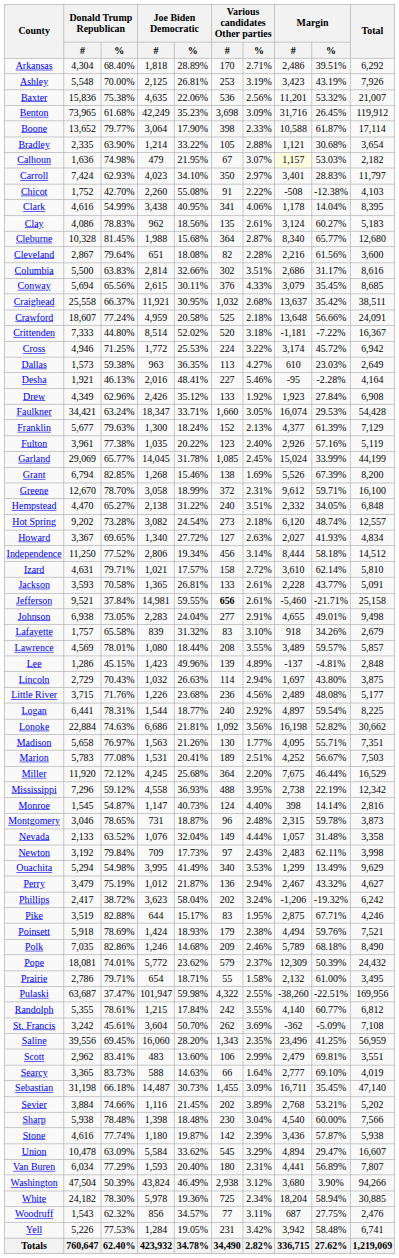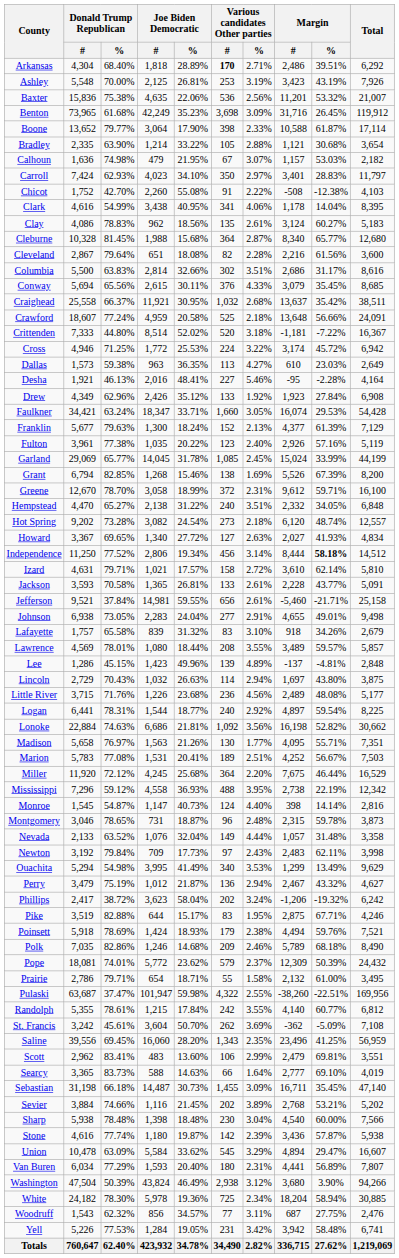 <table width="60%" class="wikitable sortable">
 <tr>
 <th rowspan="2">County</th>
 <th colspan="2">Donald Trump<br>Republican</th>
 <th colspan="2">Joe Biden<br>Democratic</th>
 <th colspan="2">Various candidates<br>Other parties</th>
 <th colspan="2">Margin</th>
 <th rowspan="2">Total</th>
 </tr>
 <tr>
 <th style="text-align:center;" data-sort-type="number">#</th>
 <th style="text-align:center;" data-sort-type="number">%</th>
 <th style="text-align:center;" data-sort-type="number">#</th>
 <th style="text-align:center;" data-sort-type="number">%</th>
 <th style="text-align:center;" data-sort-type="number">#</th>
 <th style="text-align:center;" data-sort-type="number">%</th>
 <th style="text-align:center;" data-sort-type="number">#</th>
 <th style="text-align:center;" data-sort-type="number">%</th>
 </tr>
 <tr style="text-align:center;">
 <td><a href='#'>Arkansas</a></td>
 <td>4,304</td>
 <td>68.40%</td>
 <td>1,818</td>
 <td>28.89%</td>
-<td>170</td>
+<td><strong>170</strong></td>
 <td>2.71%</td>
 <td>2,486</td>
 <td>39.51%</td>
 <td>6,292</td>
 </tr>
 <tr style="text-align:center;">
 <td><a href='#'>Ashley</a></td>
 <td>5,548</td>
 <td>70.00%</td>
 <td>2,125</td>
 <td>26.81%</td>
 <td>253</td>
 <td>3.19%</td>
 <td>3,423</td>
 <td>43.19%</td>
 <td>7,926</td>
 </tr>
 <tr style="text-align:center;">
 <td><a href='#'>Baxter</a></td>
 <td>15,836</td>
 <td>75.38%</td>
 <td>4,635</td>
 <td>22.06%</td>
 <td>536</td>
 <td>2.56%</td>
 <td>11,201</td>
 <td>53.32%</td>
 <td>21,007</td>
 </tr>
 <tr style="text-align:center;">
 <td><a href='#'>Benton</a></td>
 <td>73,965</td>
 <td>61.68%</td>
 <td>42,249</td>
 <td>35.23%</td>
 <td>3,698</td>
 <td>3.09%</td>
 <td>31,716</td>
 <td>26.45%</td>
 <td>119,912</td>
 </tr>
 <tr style="text-align:center;">
 <td><a href='#'>Boone</a></td>
 <td>13,652</td>
 <td>79.77%</td>
 <td>3,064</td>
 <td>17.90%</td>
 <td>398</td>
 <td>2.33%</td>
 <td>10,588</td>
 <td>61.87%</td>
 <td>17,114</td>
 </tr>
 <tr style="text-align:center;">
 <td><a href='#'>Bradley</a></td>
 <td>2,335</td>
 <td>63.90%</td>
 <td>1,214</td>
 <td>33.22%</td>
 <td>105</td>
 <td>2.88%</td>
 <td>1,121</td>
 <td>30.68%</td>
 <td>3,654</td>
 </tr>
 <tr style="text-align:center;">
 <td><a href='#'>Calhoun</a></td>
 <td>1,636</td>
 <td>74.98%</td>
 <td>479</td>
 <td>21.95%</td>
 <td>67</td>
 <td>3.07%</td>
-<td style="background: lightyellow;">1,157</td>
+<td>1,157</td>
 <td>53.03%</td>
 <td>2,182</td>
 </tr>
 <tr style="text-align:center;">
 <td><a href='#'>Carroll</a></td>
 <td>7,424</td>
 <td>62.93%</td>
 <td>4,023</td>
 <td>34.10%</td>
 <td>350</td>
 <td>2.97%</td>
 <td>3,401</td>
 <td>28.83%</td>
 <td>11,797</td>
 </tr>
 <tr style="text-align:center;">
 <td><a href='#'>Chicot</a></td>
 <td>1,752</td>
 <td>42.70%</td>
 <td>2,260</td>
 <td>55.08%</td>
 <td>91</td>
 <td>2.22%</td>
 <td>-508</td>
 <td>-12.38%</td>
 <td>4,103</td>
 </tr>
 <tr style="text-align:center;">
 <td><a href='#'>Clark</a></td>
 <td>4,616</td>
 <td>54.99%</td>
 <td>3,438</td>
 <td>40.95%</td>
 <td>341</td>
 <td>4.06%</td>
 <td>1,178</td>
 <td>14.04%</td>
 <td>8,395</td>
 </tr>
 <tr style="text-align:center;">
 <td><a href='#'>Clay</a></td>
 <td>4,086</td>
 <td>78.83%</td>
 <td>962</td>
 <td>18.56%</td>
 <td>135</td>
 <td>2.61%</td>
 <td>3,124</td>
 <td>60.27%</td>
 <td>5,183</td>
 </tr>
 <tr style="text-align:center;">
 <td><a href='#'>Cleburne</a></td>
 <td>10,328</td>
 <td>81.45%</td>
 <td>1,988</td>
 <td>15.68%</td>
 <td>364</td>
 <td>2.87%</td>
 <td>8,340</td>
 <td>65.77%</td>
 <td>12,680</td>
 </tr>
 <tr style="text-align:center;">
 <td><a href='#'>Cleveland</a></td>
 <td>2,867</td>
 <td>79.64%</td>
 <td>651</td>
 <td>18.08%</td>
 <td>82</td>
 <td>2.28%</td>
 <td>2,216</td>
 <td>61.56%</td>
 <td>3,600</td>
 </tr>
 <tr style="text-align:center;">
 <td><a href='#'>Columbia</a></td>
 <td>5,500</td>
 <td>63.83%</td>
 <td>2,814</td>
 <td>32.66%</td>
 <td>302</td>
 <td>3.51%</td>
 <td>2,686</td>
 <td>31.17%</td>
 <td>8,616</td>
 </tr>
 <tr style="text-align:center;">
 <td><a href='#'>Conway</a></td>
 <td>5,694</td>
 <td>65.56%</td>
 <td>2,615</td>
 <td>30.11%</td>
 <td>376</td>
 <td>4.33%</td>
 <td>3,079</td>
 <td>35.45%</td>
 <td>8,685</td>
 </tr>
 <tr style="text-align:center;">
 <td><a href='#'>Craighead</a></td>
 <td>25,558</td>
 <td>66.37%</td>
 <td>11,921</td>
 <td>30.95%</td>
 <td>1,032</td>
 <td>2.68%</td>
 <td>13,637</td>
 <td>35.42%</td>
 <td>38,511</td>
 </tr>
 <tr style="text-align:center;">
 <td><a href='#'>Crawford</a></td>
 <td>18,607</td>
 <td>77.24%</td>
 <td>4,959</td>
 <td>20.58%</td>
 <td>525</td>
 <td>2.18%</td>
 <td>13,648</td>
 <td>56.66%</td>
 <td>24,091</td>
 </tr>
 <tr style="text-align:center;">
 <td><a href='#'>Crittenden</a></td>
 <td>7,333</td>
 <td>44.80%</td>
 <td>8,514</td>
 <td>52.02%</td>
 <td>520</td>
 <td>3.18%</td>
 <td>-1,181</td>
 <td>-7.22%</td>
 <td>16,367</td>
 </tr>
 <tr style="text-align:center;">
 <td><a href='#'>Cross</a></td>
 <td>4,946</td>
 <td>71.25%</td>
 <td>1,772</td>
 <td>25.53%</td>
 <td>224</td>
 <td>3.22%</td>
 <td>3,174</td>
 <td>45.72%</td>
 <td>6,942</td>
 </tr>
 <tr style="text-align:center;">
 <td><a href='#'>Dallas</a></td>
 <td>1,573</td>
 <td>59.38%</td>
 <td>963</td>
 <td>36.35%</td>
 <td>113</td>
 <td>4.27%</td>
 <td>610</td>
 <td>23.03%</td>
 <td>2,649</td>
 </tr>
 <tr style="text-align:center;">
 <td><a href='#'>Desha</a></td>
 <td>1,921</td>
 <td>46.13%</td>
 <td>2,016</td>
 <td>48.41%</td>
 <td>227</td>
 <td>5.46%</td>
 <td>-95</td>
 <td>-2.28%</td>
 <td>4,164</td>
 </tr>
 <tr style="text-align:center;">
 <td><a href='#'>Drew</a></td>
 <td>4,349</td>
 <td>62.96%</td>
 <td>2,426</td>
 <td>35.12%</td>
 <td>133</td>
 <td>1.92%</td>
 <td>1,923</td>
 <td>27.84%</td>
 <td>6,908</td>
 </tr>
 <tr style="text-align:center;">
 <td><a href='#'>Faulkner</a></td>
 <td>34,421</td>
 <td>63.24%</td>
 <td>18,347</td>
 <td>33.71%</td>
 <td>1,660</td>
 <td>3.05%</td>
 <td>16,074</td>
 <td>29.53%</td>
 <td>54,428</td>
 </tr>
 <tr style="text-align:center;">
 <td><a href='#'>Franklin</a></td>
 <td>5,677</td>
 <td>79.63%</td>
 <td>1,300</td>
 <td>18.24%</td>
 <td>152</td>
 <td>2.13%</td>
 <td>4,377</td>
 <td>61.39%</td>
 <td>7,129</td>
 </tr>
 <tr style="text-align:center;">
 <td><a href='#'>Fulton</a></td>
 <td>3,961</td>
 <td>77.38%</td>
 <td>1,035</td>
 <td>20.22%</td>
 <td>123</td>
 <td>2.40%</td>
 <td>2,926</td>
 <td>57.16%</td>
 <td>5,119</td>
 </tr>
 <tr style="text-align:center;">
 <td><a href='#'>Garland</a></td>
 <td>29,069</td>
 <td>65.77%</td>
 <td>14,045</td>
 <td>31.78%</td>
 <td>1,085</td>
 <td>2.45%</td>
 <td>15,024</td>
 <td>33.99%</td>
 <td>44,199</td>
 </tr>
 <tr style="text-align:center;">
 <td><a href='#'>Grant</a></td>
 <td>6,794</td>
 <td>82.85%</td>
 <td>1,268</td>
 <td>15.46%</td>
 <td>138</td>
 <td>1.69%</td>
 <td>5,526</td>
 <td>67.39%</td>
 <td>8,200</td>
 </tr>
 <tr style="text-align:center;">
 <td><a href='#'>Greene</a></td>
 <td>12,670</td>
 <td>78.70%</td>
 <td>3,058</td>
 <td>18.99%</td>
 <td>372</td>
 <td>2.31%</td>
 <td>9,612</td>
 <td>59.71%</td>
 <td>16,100</td>
 </tr>
 <tr style="text-align:center;">
 <td><a href='#'>Hempstead</a></td>
 <td>4,470</td>
 <td>65.27%</td>
 <td>2,138</td>
 <td>31.22%</td>
 <td>240</td>
 <td>3.51%</td>
 <td>2,332</td>
 <td>34.05%</td>
 <td>6,848</td>
 </tr>
 <tr style="text-align:center;">
 <td><a href='#'>Hot Spring</a></td>
 <td>9,202</td>
 <td>73.28%</td>
 <td>3,082</td>
 <td>24.54%</td>
 <td>273</td>
 <td>2.18%</td>
 <td>6,120</td>
 <td>48.74%</td>
 <td>12,557</td>
 </tr>
 <tr style="text-align:center;">
 <td><a href='#'>Howard</a></td>
 <td>3,367</td>
 <td>69.65%</td>
 <td>1,340</td>
 <td>27.72%</td>
 <td>127</td>
 <td>2.63%</td>
 <td>2,027</td>
 <td>41.93%</td>
 <td>4,834</td>
 </tr>
 <tr style="text-align:center;">
 <td><a href='#'>Independence</a></td>
 <td>11,250</td>
 <td>77.52%</td>
 <td>2,806</td>
 <td>19.34%</td>
 <td>456</td>
 <td>3.14%</td>
 <td>8,444</td>
-<td>58.18%</td>
+<td><strong>58.18%</strong></td>
 <td>14,512</td>
 </tr>
 <tr style="text-align:center;">
 <td><a href='#'>Izard</a></td>
 <td>4,631</td>
 <td>79.71%</td>
 <td>1,021</td>
 <td>17.57%</td>
 <td>158</td>
 <td>2.72%</td>
 <td>3,610</td>
 <td>62.14%</td>
 <td>5,810</td>
 </tr>
 <tr style="text-align:center;">
 <td><a href='#'>Jackson</a></td>
 <td>3,593</td>
 <td>70.58%</td>
 <td>1,365</td>
 <td>26.81%</td>
 <td>133</td>
 <td>2.61%</td>
 <td>2,228</td>
 <td>43.77%</td>
 <td>5,091</td>
 </tr>
 <tr style="text-align:center;">
 <td><a href='#'>Jefferson</a></td>
 <td>9,521</td>
 <td>37.84%</td>
 <td>14,981</td>
 <td>59.55%</td>
-<td><strong>656</strong></td>
+<td>656</td>
 <td>2.61%</td>
 <td>-5,460</td>
 <td>-21.71%</td>
 <td>25,158</td>
 </tr>
 <tr style="text-align:center;">
 <td><a href='#'>Johnson</a></td>
 <td>6,938</td>
 <td>73.05%</td>
 <td>2,283</td>
 <td>24.04%</td>
 <td>277</td>
 <td>2.91%</td>
 <td>4,655</td>
 <td>49.01%</td>
 <td>9,498</td>
 </tr>
 <tr style="text-align:center;">
 <td><a href='#'>Lafayette</a></td>
 <td>1,757</td>
 <td>65.58%</td>
 <td>839</td>
 <td>31.32%</td>
 <td>83</td>
 <td>3.10%</td>
 <td>918</td>
 <td>34.26%</td>
 <td>2,679</td>
 </tr>
 <tr style="text-align:center;">
 <td><a href='#'>Lawrence</a></td>
 <td>4,569</td>
 <td>78.01%</td>
 <td>1,080</td>
 <td>18.44%</td>
 <td>208</td>
 <td>3.55%</td>
 <td>3,489</td>
 <td>59.57%</td>
 <td>5,857</td>
 </tr>
 <tr style="text-align:center;">
 <td><a href='#'>Lee</a></td>
 <td>1,286</td>
 <td>45.15%</td>
 <td>1,423</td>
 <td>49.96%</td>
 <td>139</td>
 <td>4.89%</td>
 <td>-137</td>
 <td>-4.81%</td>
 <td>2,848</td>
 </tr>
 <tr style="text-align:center;">
 <td><a href='#'>Lincoln</a></td>
 <td>2,729</td>
 <td>70.43%</td>
 <td>1,032</td>
 <td>26.63%</td>
 <td>114</td>
 <td>2.94%</td>
 <td>1,697</td>
 <td>43.80%</td>
 <td>3,875</td>
 </tr>
 <tr style="text-align:center;">
 <td><a href='#'>Little River</a></td>
 <td>3,715</td>
 <td>71.76%</td>
 <td>1,226</td>
 <td>23.68%</td>
 <td>236</td>
 <td>4.56%</td>
 <td>2,489</td>
 <td>48.08%</td>
 <td>5,177</td>
 </tr>
 <tr style="text-align:center;">
 <td><a href='#'>Logan</a></td>
 <td>6,441</td>
 <td>78.31%</td>
 <td>1,544</td>
 <td>18.77%</td>
 <td>240</td>
 <td>2.92%</td>
 <td>4,897</td>
 <td>59.54%</td>
 <td>8,225</td>
 </tr>
 <tr style="text-align:center;">
 <td><a href='#'>Lonoke</a></td>
 <td>22,884</td>
 <td>74.63%</td>
 <td>6,686</td>
 <td>21.81%</td>
 <td>1,092</td>
 <td>3.56%</td>
 <td>16,198</td>
 <td>52.82%</td>
 <td>30,662</td>
 </tr>
 <tr style="text-align:center;">
 <td><a href='#'>Madison</a></td>
 <td>5,658</td>
 <td>76.97%</td>
 <td>1,563</td>
 <td>21.26%</td>
 <td>130</td>
 <td>1.77%</td>
 <td>4,095</td>
 <td>55.71%</td>
 <td>7,351</td>
 </tr>
 <tr style="text-align:center;">
 <td><a href='#'>Marion</a></td>
 <td>5,783</td>
 <td>77.08%</td>
 <td>1,531</td>
 <td>20.41%</td>
 <td>189</td>
 <td>2.51%</td>
 <td>4,252</td>
 <td>56.67%</td>
 <td>7,503</td>
 </tr>
 <tr style="text-align:center;">
 <td><a href='#'>Miller</a></td>
 <td>11,920</td>
 <td>72.12%</td>
 <td>4,245</td>
 <td>25.68%</td>
 <td>364</td>
 <td>2.20%</td>
 <td>7,675</td>
 <td>46.44%</td>
 <td>16,529</td>
 </tr>
 <tr style="text-align:center;">
 <td><a href='#'>Mississippi</a></td>
 <td>7,296</td>
 <td>59.12%</td>
 <td>4,558</td>
 <td>36.93%</td>
 <td>488</td>
 <td>3.95%</td>
 <td>2,738</td>
 <td>22.19%</td>
 <td>12,342</td>
 </tr>
 <tr style="text-align:center;">
 <td><a href='#'>Monroe</a></td>
 <td>1,545</td>
 <td>54.87%</td>
 <td>1,147</td>
 <td>40.73%</td>
 <td>124</td>
 <td>4.40%</td>
 <td>398</td>
 <td>14.14%</td>
 <td>2,816</td>
 </tr>
 <tr style="text-align:center;">
 <td><a href='#'>Montgomery</a></td>
 <td>3,046</td>
 <td>78.65%</td>
 <td>731</td>
 <td>18.87%</td>
 <td>96</td>
 <td>2.48%</td>
 <td>2,315</td>
 <td>59.78%</td>
 <td>3,873</td>
 </tr>
 <tr style="text-align:center;">
 <td><a href='#'>Nevada</a></td>
 <td>2,133</td>
 <td>63.52%</td>
 <td>1,076</td>
 <td>32.04%</td>
 <td>149</td>
 <td>4.44%</td>
 <td>1,057</td>
 <td>31.48%</td>
 <td>3,358</td>
 </tr>
 <tr style="text-align:center;">
 <td><a href='#'>Newton</a></td>
 <td>3,192</td>
 <td>79.84%</td>
 <td>709</td>
 <td>17.73%</td>
 <td>97</td>
 <td>2.43%</td>
 <td>2,483</td>
 <td>62.11%</td>
 <td>3,998</td>
 </tr>
 <tr style="text-align:center;">
 <td><a href='#'>Ouachita</a></td>
 <td>5,294</td>
 <td>54.98%</td>
 <td>3,995</td>
 <td>41.49%</td>
 <td>340</td>
 <td>3.53%</td>
 <td>1,299</td>
 <td>13.49%</td>
 <td>9,629</td>
 </tr>
 <tr style="text-align:center;">
 <td><a href='#'>Perry</a></td>
 <td>3,479</td>
 <td>75.19%</td>
 <td>1,012</td>
 <td>21.87%</td>
 <td>136</td>
 <td>2.94%</td>
 <td>2,467</td>
 <td>43.32%</td>
 <td>4,627</td>
 </tr>
 <tr style="text-align:center;">
 <td><a href='#'>Phillips</a></td>
 <td>2,417</td>
 <td>38.72%</td>
 <td>3,623</td>
 <td>58.04%</td>
 <td>202</td>
 <td>3.24%</td>
 <td>-1,206</td>
 <td>-19.32%</td>
 <td>6,242</td>
 </tr>
 <tr style="text-align:center;">
 <td><a href='#'>Pike</a></td>
 <td>3,519</td>
 <td>82.88%</td>
 <td>644</td>
 <td>15.17%</td>
 <td>83</td>
 <td>1.95%</td>
 <td>2,875</td>
 <td>67.71%</td>
 <td>4,246</td>
 </tr>
 <tr style="text-align:center;">
 <td><a href='#'>Poinsett</a></td>
 <td>5,918</td>
 <td>78.69%</td>
 <td>1,424</td>
 <td>18.93%</td>
 <td>179</td>
 <td>2.38%</td>
 <td>4,494</td>
 <td>59.76%</td>
 <td>7,521</td>
 </tr>
 <tr style="text-align:center;">
 <td><a href='#'>Polk</a></td>
 <td>7,035</td>
 <td>82.86%</td>
 <td>1,246</td>
 <td>14.68%</td>
 <td>209</td>
 <td>2.46%</td>
 <td>5,789</td>
 <td>68.18%</td>
 <td>8,490</td>
 </tr>
 <tr style="text-align:center;">
 <td><a href='#'>Pope</a></td>
 <td>18,081</td>
 <td>74.01%</td>
 <td>5,772</td>
 <td>23.62%</td>
 <td>579</td>
 <td>2.37%</td>
 <td>12,309</td>
 <td>50.39%</td>
 <td>24,432</td>
 </tr>
 <tr style="text-align:center;">
 <td><a href='#'>Prairie</a></td>
 <td>2,786</td>
 <td>79.71%</td>
 <td>654</td>
 <td>18.71%</td>
 <td>55</td>
 <td>1.58%</td>
 <td>2,132</td>
 <td>61.00%</td>
 <td>3,495</td>
 </tr>
 <tr style="text-align:center;">
 <td><a href='#'>Pulaski</a></td>
 <td>63,687</td>
 <td>37.47%</td>
 <td>101,947</td>
 <td>59.98%</td>
 <td>4,322</td>
 <td>2.55%</td>
 <td>-38,260</td>
 <td>-22.51%</td>
 <td>169,956</td>
 </tr>
 <tr style="text-align:center;">
 <td><a href='#'>Randolph</a></td>
 <td>5,355</td>
 <td>78.61%</td>
 <td>1,215</td>
 <td>17.84%</td>
 <td>242</td>
 <td>3.55%</td>
 <td>4,140</td>
 <td>60.77%</td>
 <td>6,812</td>
 </tr>
 <tr style="text-align:center;">
 <td><a href='#'>St. Francis</a></td>
 <td>3,242</td>
 <td>45.61%</td>
 <td>3,604</td>
 <td>50.70%</td>
 <td>262</td>
 <td>3.69%</td>
 <td>-362</td>
 <td>-5.09%</td>
 <td>7,108</td>
 </tr>
 <tr style="text-align:center;">
 <td><a href='#'>Saline</a></td>
 <td>39,556</td>
 <td>69.45%</td>
 <td>16,060</td>
 <td>28.20%</td>
 <td>1,343</td>
 <td>2.35%</td>
 <td>23,496</td>
 <td>41.25%</td>
 <td>56,959</td>
 </tr>
 <tr style="text-align:center;">
 <td><a href='#'>Scott</a></td>
 <td>2,962</td>
 <td>83.41%</td>
 <td>483</td>
 <td>13.60%</td>
 <td>106</td>
 <td>2.99%</td>
 <td>2,479</td>
 <td>69.81%</td>
 <td>3,551</td>
 </tr>
 <tr style="text-align:center;">
 <td><a href='#'>Searcy</a></td>
 <td>3,365</td>
 <td>83.73%</td>
 <td>588</td>
 <td>14.63%</td>
 <td>66</td>
 <td>1.64%</td>
 <td>2,777</td>
 <td>69.10%</td>
 <td>4,019</td>
 </tr>
 <tr style="text-align:center;">
 <td><a href='#'>Sebastian</a></td>
 <td>31,198</td>
 <td>66.18%</td>
 <td>14,487</td>
 <td>30.73%</td>
 <td>1,455</td>
 <td>3.09%</td>
 <td>16,711</td>
 <td>35.45%</td>
 <td>47,140</td>
 </tr>
 <tr style="text-align:center;">
 <td><a href='#'>Sevier</a></td>
 <td>3,884</td>
 <td>74.66%</td>
 <td>1,116</td>
 <td>21.45%</td>
 <td>202</td>
 <td>3.89%</td>
 <td>2,768</td>
 <td>53.21%</td>
 <td>5,202</td>
 </tr>
 <tr style="text-align:center;">
 <td><a href='#'>Sharp</a></td>
 <td>5,938</td>
 <td>78.48%</td>
 <td>1,398</td>
 <td>18.48%</td>
 <td>230</td>
 <td>3.04%</td>
 <td>4,540</td>
 <td>60.00%</td>
 <td>7,566</td>
 </tr>
 <tr style="text-align:center;">
 <td><a href='#'>Stone</a></td>
 <td>4,616</td>
 <td>77.74%</td>
 <td>1,180</td>
 <td>19.87%</td>
 <td>142</td>
 <td>2.39%</td>
 <td>3,436</td>
 <td>57.87%</td>
 <td>5,938</td>
 </tr>
 <tr style="text-align:center;">
 <td><a href='#'>Union</a></td>
 <td>10,478</td>
 <td>63.09%</td>
 <td>5,584</td>
 <td>33.62%</td>
 <td>545</td>
 <td>3.29%</td>
 <td>4,894</td>
 <td>29.47%</td>
 <td>16,607</td>
 </tr>
 <tr style="text-align:center;">
 <td><a href='#'>Van Buren</a></td>
 <td>6,034</td>
 <td>77.29%</td>
 <td>1,593</td>
 <td>20.40%</td>
 <td>180</td>
 <td>2.31%</td>
 <td>4,441</td>
 <td>56.89%</td>
 <td>7,807</td>
 </tr>
 <tr style="text-align:center;">
 <td><a href='#'>Washington</a></td>
 <td>47,504</td>
 <td>50.39%</td>
 <td>43,824</td>
 <td>46.49%</td>
 <td>2,938</td>
 <td>3.12%</td>
 <td>3,680</td>
 <td>3.90%</td>
 <td>94,266</td>
 </tr>
 <tr style="text-align:center;">
 <td><a href='#'>White</a></td>
 <td>24,182</td>
 <td>78.30%</td>
 <td>5,978</td>
 <td>19.36%</td>
 <td>725</td>
 <td>2.34%</td>
 <td>18,204</td>
 <td>58.94%</td>
 <td>30,885</td>
 </tr>
 <tr style="text-align:center;">
 <td><a href='#'>Woodruff</a></td>
 <td>1,543</td>
 <td>62.32%</td>
 <td>856</td>
 <td>34.57%</td>
 <td>77</td>
 <td>3.11%</td>
 <td>687</td>
 <td>27.75%</td>
 <td>2,476</td>
 </tr>
 <tr style="text-align:center;">
 <td><a href='#'>Yell</a></td>
 <td>5,226</td>
 <td>77.53%</td>
 <td>1,284</td>
 <td>19.05%</td>
 <td>231</td>
 <td>3.42%</td>
 <td>3,942</td>
 <td>58.48%</td>
 <td>6,741</td>
 </tr>
 <tr>
 <th>Totals</th>
 <th>760,647</th>
 <th>62.40%</th>
 <th>423,932</th>
 <th>34.78%</th>
 <th>34,490</th>
 <th>2.82%</th>
 <th>336,715</th>
 <th>27.62%</th>
 <th>1,219,069</th>
 </tr>
 </table>
